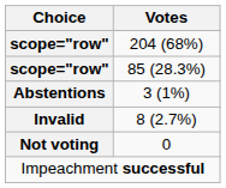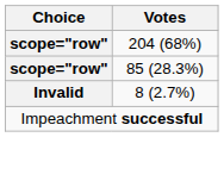 <table class="wikitable" style="float: right; clear: right; margin-left: 1em; text-align: center;">
 <tr>
 <th scope="col" style="width: 100px;">Choice</th>
 <th scope="col" style="width: 100px;">Votes</th>
 </tr>
 <tr>
 <th>scope="row" </th>
 <td>204 (68%)</td>
 </tr>
 <tr>
 <th>scope="row" </th>
 <td>85 (28.3%)</td>
 </tr>
 <tr>
-<th scope="row">Abstentions</th>
-<td>3 (1%)</td>
-</tr>
-<tr>
 <th scope="row">Invalid</th>
 <td>8 (2.7%)</td>
-</tr>
-<tr>
-<th scope="row">Not voting</th>
-<td>0</td>
 </tr>
 <tr>
 <td colspan="2">Impeachment <strong>successful</strong></td>
 </tr>
 </table>
